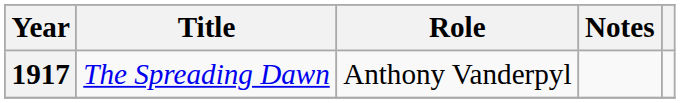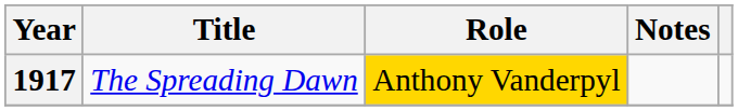 <table class="wikitable plainrowheaders sortable" style="margin-right: 0;">
 <tr>
 <th scope="col">Year</th>
 <th scope="col">Title</th>
 <th scope="col">Role</th>
 <th scope="col" class="unsortable">Notes</th>
 <th scope="col" class="unsortable"></th>
 </tr>
 <tr>
 <th scope="row">1917</th>
 <td data-sort-value=Spreading Dawn><em><a href='#'>The Spreading Dawn</a></em></td>
-<td>Anthony Vanderpyl</td>
+<td style="background: gold;">Anthony Vanderpyl</td>
 <td></td>
 <td style="text-align:center;"></td>
 </tr>
 <tr>
 </tr>
 </table>
